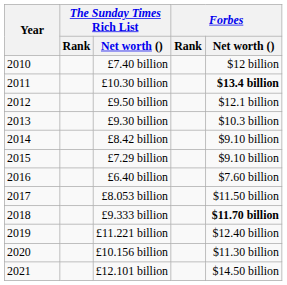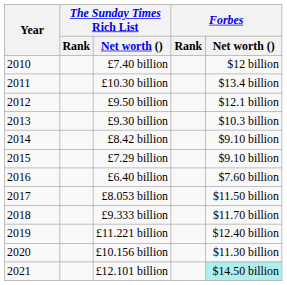 <table class="wikitable">
 <tr>
 <th rowspan=2>Year</th>
 <th colspan="2" style="width:40%;"><em><a href='#'>The Sunday Times</a></em><br><a href='#'>Rich List</a></th>
 <th colspan="2" style="width:40%;"><em><a href='#'>Forbes</a></em><br></th>
 </tr>
 <tr>
 <th>Rank</th>
 <th><a href='#'>Net worth</a> ()</th>
 <th>Rank</th>
 <th>Net worth ()</th>
 </tr>
 <tr>
 <td>2010</td>
 <td style="text-align:center;"> </td>
 <td style="text-align:right;">£7.40 billion  </td>
 <td style="text-align:center;"><br> </td>
 <td style="text-align:right;">$12 billion  </td>
 </tr>
 <tr>
 <td>2011</td>
 <td style="text-align:center;"> </td>
 <td style="text-align:right;">£10.30 billion </td>
 <td style="text-align:center;"> </td>
-<td style="text-align:right;"><strong>$13.4 billion </strong></td>
+<td style="text-align:right;">$13.4 billion </td>
 </tr>
 <tr>
 <td>2012</td>
 <td style="text-align:center;"> </td>
 <td style="text-align:right;">£9.50 billion </td>
 <td style="text-align:center;"> </td>
 <td style="text-align:right;">$12.1 billion </td>
 </tr>
 <tr>
 <td>2013</td>
 <td style="text-align:center;"> </td>
 <td style="text-align:right;">£9.30 billion </td>
 <td style="text-align:center;"> </td>
 <td style="text-align:right;">$10.3 billion </td>
 </tr>
 <tr>
 <td>2014</td>
 <td style="text-align:center;"> </td>
 <td style="text-align:right;">£8.42 billion </td>
 <td style="text-align:center;"> </td>
 <td style="text-align:right;">$9.10 billion </td>
 </tr>
 <tr>
 <td>2015</td>
 <td style="text-align:center;"> </td>
 <td style="text-align:right;">£7.29 billion </td>
 <td style="text-align:center;"> </td>
 <td style="text-align:right;">$9.10 billion </td>
 </tr>
 <tr>
 <td>2016</td>
 <td style="text-align:center;"> </td>
 <td style="text-align:right;">£6.40 billion </td>
 <td style="text-align:center;"> </td>
 <td style="text-align:right;">$7.60 billion </td>
 </tr>
 <tr>
 <td>2017</td>
 <td style="text-align:center;"> </td>
 <td style="text-align:right;">£8.053 billion </td>
 <td style="text-align:center;"> </td>
 <td style="text-align:right;">$11.50 billion </td>
 </tr>
 <tr>
 <td>2018</td>
 <td style="text-align:center;"> </td>
 <td style="text-align:right;">£9.333 billion </td>
 <td style="text-align:center;"> </td>
-<td style="text-align:right;"><strong>$11.70 billion </strong></td>
+<td style="text-align:right;">$11.70 billion </td>
 </tr>
 <tr>
 <td>2019</td>
 <td style="text-align:center;"> </td>
 <td style="text-align:right;">£11.221 billion </td>
 <td style="text-align:center;"> </td>
 <td style="text-align:right;">$12.40 billion </td>
 </tr>
 <tr>
 <td>2020</td>
 <td style="text-align:center;"> </td>
 <td style="text-align:right;">£10.156 billion </td>
 <td style="text-align:center;"> </td>
 <td style="text-align:right;">$11.30 billion </td>
 </tr>
 <tr>
 <td>2021</td>
 <td style="text-align:center;"> </td>
 <td style="text-align:right;">£12.101 billion </td>
 <td style="text-align:center;"> </td>
-<td style="text-align:right;">$14.50 billion </td>
+<td style="background: paleturquoise; text-align:right;">$14.50 billion </td>
 </tr>
 </table>
